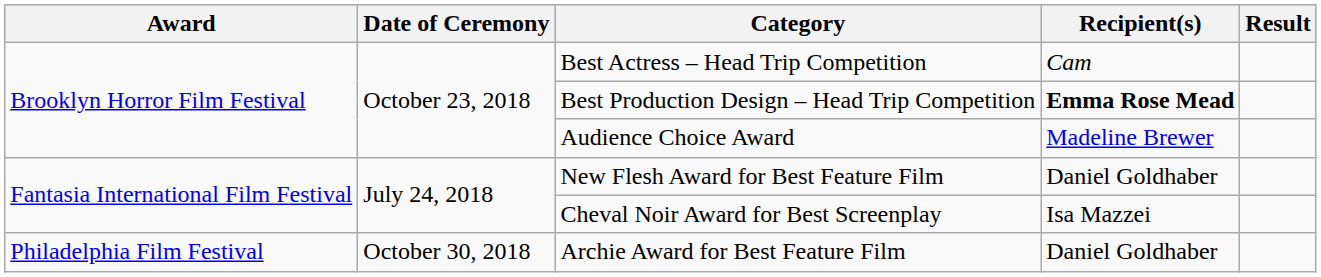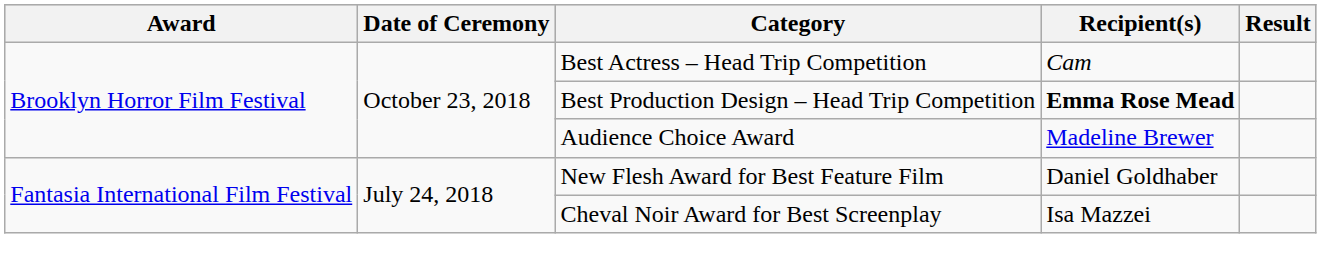 <table class="wikitable sortable">
 <tr style="background:#ccc; teindxt-align:center;">
 <th scope="col">Award</th>
 <th scope="col">Date of Ceremony</th>
 <th scope="col">Category</th>
 <th scope="col">Recipient(s)</th>
 <th scope="col">Result</th>
 </tr>
 <tr>
 <td rowspan="3"><a href='#'>Brooklyn Horror Film Festival</a></td>
 <td rowspan="3">October 23, 2018</td>
 <td scope="row">Best Actress – Head Trip Competition</td>
 <td><em>Cam</em></td>
 <td></td>
 </tr>
 <tr>
 <td scope="row">Best Production Design – Head Trip Competition</td>
 <td><strong>Emma Rose Mead</strong></td>
 <td></td>
 </tr>
 <tr>
 <td scope="row">Audience Choice Award</td>
 <td><a href='#'>Madeline Brewer</a></td>
 <td></td>
 </tr>
 <tr>
 <td rowspan="2"><a href='#'>Fantasia International Film Festival</a></td>
 <td rowspan="2">July 24, 2018</td>
 <td scope="row">New Flesh Award for Best Feature Film</td>
 <td>Daniel Goldhaber</td>
 <td></td>
 </tr>
 <tr>
 <td scope="row">Cheval Noir Award for Best Screenplay</td>
 <td>Isa Mazzei</td>
 <td></td>
 </tr>
-<tr>
-<td><a href='#'>Philadelphia Film Festival</a></td>
-<td>October 30, 2018</td>
-<td scope="row">Archie Award for Best Feature Film</td>
-<td>Daniel Goldhaber</td>
-<td></td>
-</tr>
 </table>
